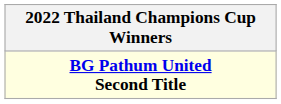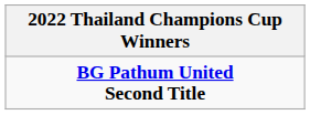 <table class="wikitable" style="text-align: center; margin: 0 auto; width: 20%">
 <tr>
 <th>2022 Thailand Champions Cup<br>Winners</th>
 </tr>
 <tr>
-<td align="center" style="background: lightyellow;"><strong><a href='#'>BG Pathum United</a></strong><br><strong>Second Title</strong></td>
+<td align="center"><strong><a href='#'>BG Pathum United</a></strong><br><strong>Second Title</strong></td>
 </tr>
 </table>
